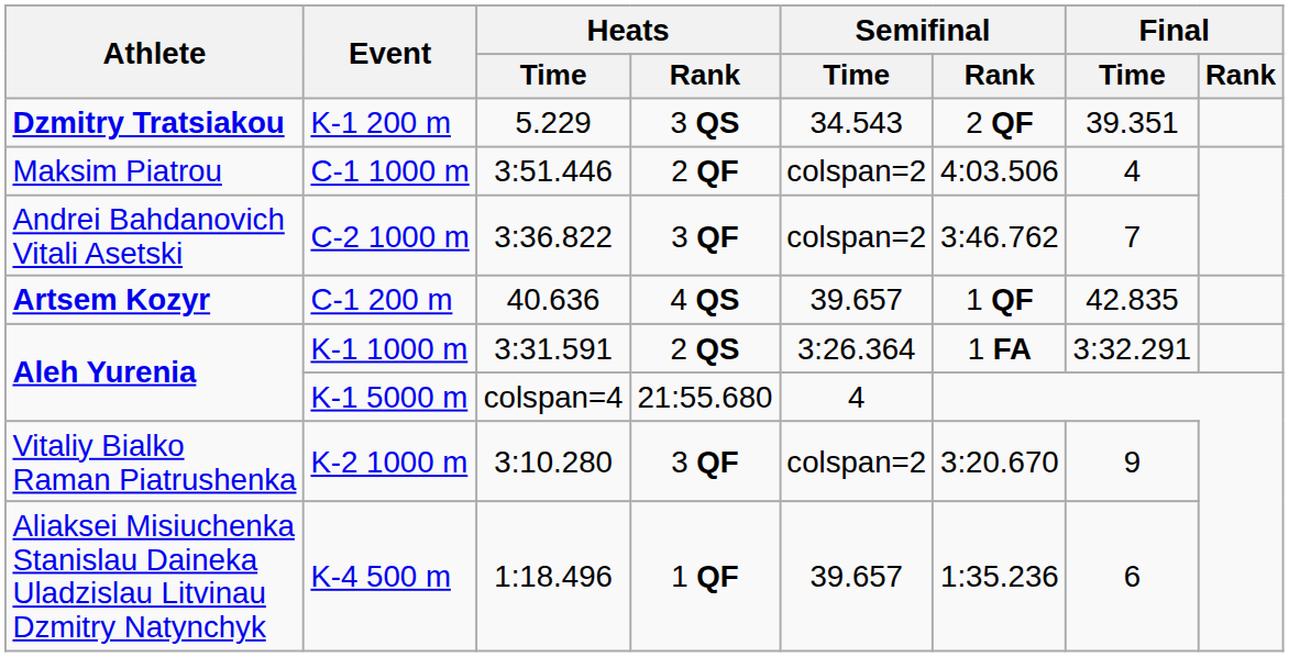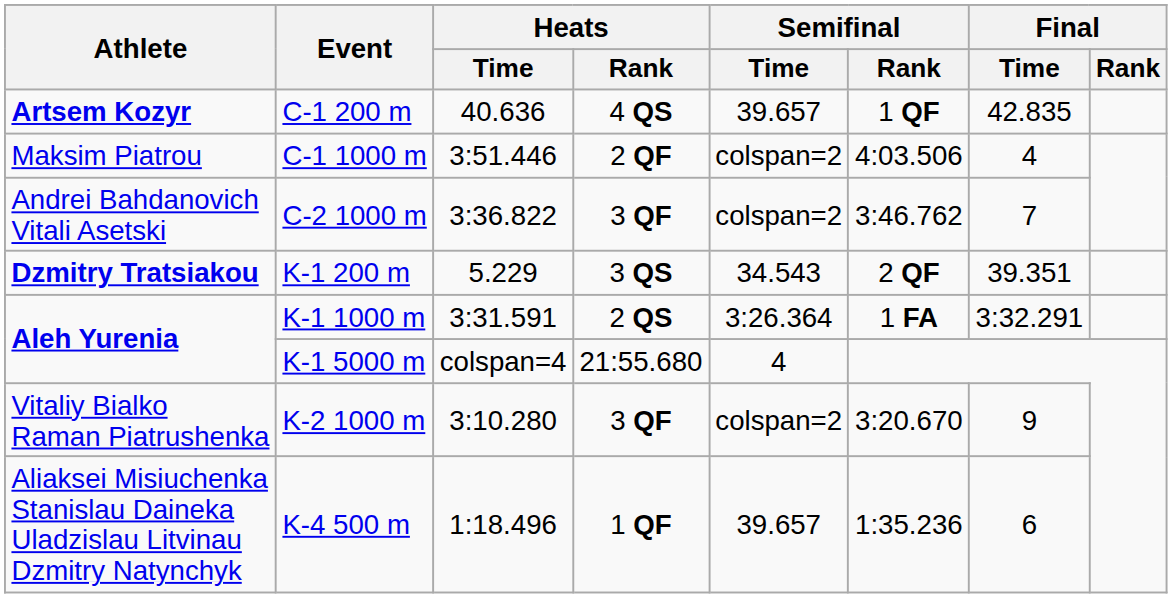 <table class="wikitable" style="text-align:center; font-size:90%">
 <tr>
 <th rowspan=2>Athlete</th>
 <th rowspan=2>Event</th>
 <th colspan=2>Heats</th>
 <th colspan=2>Semifinal</th>
 <th colspan=2>Final</th>
 </tr>
 <tr style="font-size:95%">
 <th>Time</th>
 <th>Rank</th>
 <th>Time</th>
 <th>Rank</th>
 <th>Time</th>
 <th>Rank</th>
 </tr>
 <tr>
-<td align=left><strong><a href='#'>Dzmitry Tratsiakou</a></strong></td>
-<td align=left><a href='#'>K-1 200 m</a></td>
-<td>5.229</td>
-<td>3 <strong>QS</strong></td>
-<td>34.543</td>
-<td>2 <strong>QF</strong></td>
-<td>39.351</td>
+<td align=left><strong><a href='#'>Artsem Kozyr</a></strong></td>
+<td align=left><a href='#'>C-1 200 m</a></td>
+<td>40.636</td>
+<td>4 <strong>QS</strong></td>
+<td>39.657</td>
+<td>1 <strong>QF</strong></td>
+<td>42.835</td>
 <td></td>
 </tr>
 <tr>
 <td align=left><a href='#'>Maksim Piatrou</a></td>
 <td align=left><a href='#'>C-1 1000 m</a></td>
 <td>3:51.446</td>
 <td>2 <strong>QF</strong></td>
 <td>colspan=2 </td>
 <td>4:03.506</td>
 <td>4</td>
 </tr>
 <tr>
 <td align=left><a href='#'>Andrei Bahdanovich</a><br><a href='#'>Vitali Asetski</a></td>
 <td align=left><a href='#'>C-2 1000 m</a></td>
 <td>3:36.822</td>
 <td>3 <strong>QF</strong></td>
 <td>colspan=2 </td>
 <td>3:46.762</td>
 <td>7</td>
 </tr>
 <tr>
-<td align=left><strong><a href='#'>Artsem Kozyr</a></strong></td>
-<td align=left><a href='#'>C-1 200 m</a></td>
-<td>40.636</td>
-<td>4 <strong>QS</strong></td>
-<td>39.657</td>
-<td>1 <strong>QF</strong></td>
-<td>42.835</td>
+<td align=left><strong><a href='#'>Dzmitry Tratsiakou</a></strong></td>
+<td align=left><a href='#'>K-1 200 m</a></td>
+<td>5.229</td>
+<td>3 <strong>QS</strong></td>
+<td>34.543</td>
+<td>2 <strong>QF</strong></td>
+<td>39.351</td>
 <td></td>
 </tr>
 <tr>
 <td rowspan=2 align=left><strong><a href='#'>Aleh Yurenia</a></strong></td>
 <td align=left><a href='#'>K-1 1000 m</a></td>
 <td>3:31.591</td>
 <td>2 <strong>QS</strong></td>
 <td>3:26.364</td>
 <td>1 <strong>FA</strong></td>
 <td>3:32.291</td>
 <td></td>
 </tr>
 <tr>
 <td align=left><a href='#'>K-1 5000 m</a></td>
 <td>colspan=4 </td>
 <td>21:55.680</td>
 <td>4</td>
 </tr>
 <tr>
 <td align=left><a href='#'>Vitaliy Bialko</a><br><a href='#'>Raman Piatrushenka</a></td>
 <td align=left><a href='#'>K-2 1000 m</a></td>
 <td>3:10.280</td>
 <td>3  <strong>QF</strong></td>
 <td>colspan=2 </td>
 <td>3:20.670</td>
 <td>9</td>
 </tr>
 <tr>
 <td align=left><a href='#'>Aliaksei Misiuchenka</a><br><a href='#'>Stanislau Daineka</a><br><a href='#'>Uladzislau Litvinau</a><br><a href='#'>Dzmitry Natynchyk</a></td>
 <td align=left><a href='#'>K-4 500 m</a></td>
 <td>1:18.496</td>
 <td>1  <strong>QF</strong></td>
 <td>39.657</td>
 <td>1:35.236</td>
 <td>6</td>
 </tr>
 </table>
